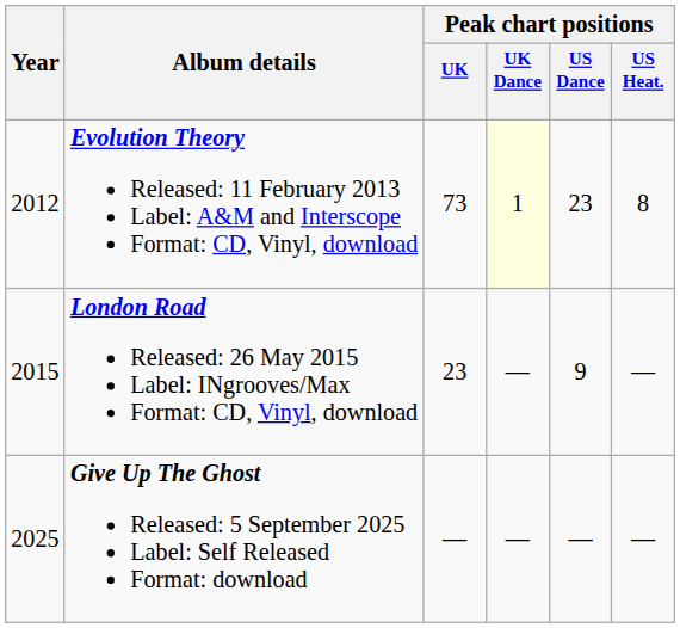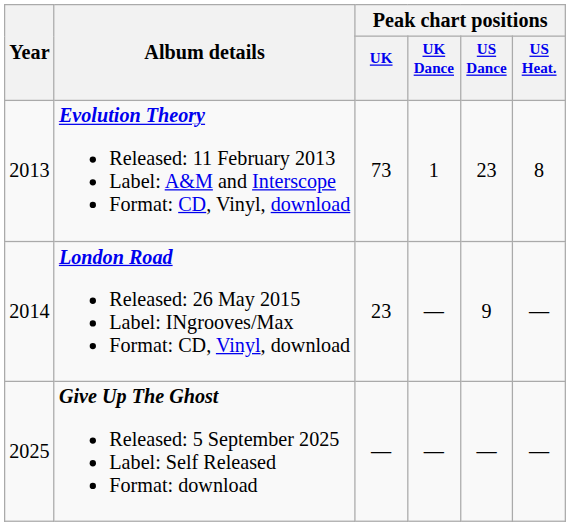 <table class="wikitable" style="text-align:center">
 <tr>
 <th rowspan="2">Year</th>
 <th rowspan="2">Album details</th>
 <th colspan="4">Peak chart positions</th>
 </tr>
 <tr>
 <th style="width:3em;font-size:75%"><a href='#'>UK</a><br><br></th>
 <th style="width:3em;font-size:75%"><a href='#'>UK<br> Dance</a><br><br></th>
 <th style="width:3em;font-size:75%"><a href='#'>US<br> Dance</a><br><br></th>
 <th style="width:3em;font-size:75%"><a href='#'>US<br> Heat.</a><br><br></th>
 </tr>
 <tr>
-<td>2012</td>
+<td>2013</td>
 <td style="text-align:left;"><strong><em><a href='#'>Evolution Theory</a></em></strong><br><ul><li>Released: 11 February 2013</li><li>Label: <a href='#'>A&M</a> and <a href='#'>Interscope</a></li><li>Format: <a href='#'>CD</a>, Vinyl, <a href='#'>download</a></li></ul></td>
 <td>73</td>
-<td style="background: lightyellow;">1</td>
+<td>1</td>
 <td>23</td>
 <td>8</td>
 </tr>
 <tr>
-<td>2015</td>
+<td>2014</td>
 <td style="text-align:left;"><strong><em><a href='#'>London Road</a></em></strong><br><ul><li>Released: 26 May 2015</li><li>Label: INgrooves/Max</li><li>Format: CD, <a href='#'>Vinyl</a>, download</li></ul></td>
 <td>23</td>
 <td>—</td>
 <td>9</td>
 <td>—</td>
 </tr>
 <tr>
 <td>2025</td>
 <td style="text-align:left;"><strong><em>Give Up The Ghost</em></strong><br><ul><li>Released: 5 September 2025</li><li>Label: Self Released</li><li>Format: download</li></ul></td>
 <td>—</td>
 <td>—</td>
 <td>—</td>
 <td>—</td>
 </tr>
 </table>
